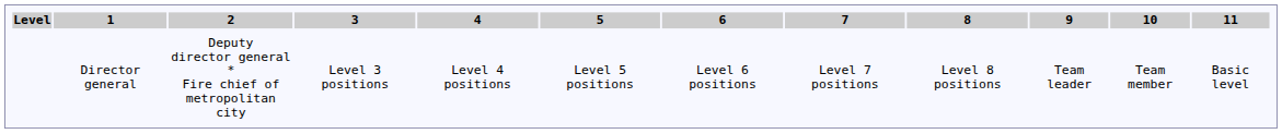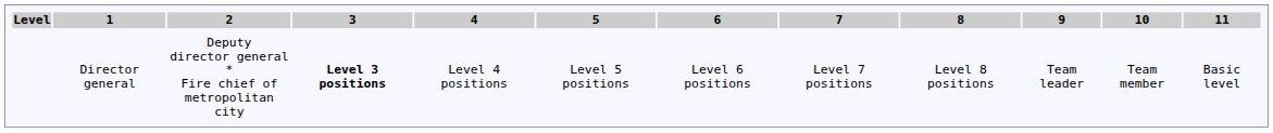 <table style="border:1px solid #8888aa; background-color:#f7f8ff; padding:5px; font-size:95%; margin: 0px 12px 12px 0px; width: 100%;">
 <tr style="background-color:#CCCCCC; width: 100%">
 <th>Level</th>
 <th>1</th>
 <th>2</th>
 <th>3</th>
 <th>4</th>
 <th>5</th>
 <th>6</th>
 <th>7</th>
 <th>8</th>
 <th>9</th>
 <th>10</th>
 <th>11</th>
 </tr>
 <tr style="text-align:center;">
 <td rowspan="2"></td>
 <td></td>
 <td></td>
 <td></td>
 <td></td>
 <td></td>
 <td></td>
 <td></td>
 <td></td>
 <td></td>
 <td></td>
 <td></td>
 </tr>
 <tr style="text-align:center;">
 <td>Director general</td>
 <td>Deputy<br>director general<br>*<br>Fire chief of<br> metropolitan city</td>
-<td>Level 3 positions</td>
+<td><strong>Level 3 positions</strong></td>
 <td>Level 4 positions</td>
 <td>Level 5 positions</td>
 <td>Level 6 positions</td>
 <td>Level 7 positions</td>
 <td>Level 8 positions</td>
 <td>Team leader</td>
 <td>Team member</td>
 <td>Basic level</td>
 </tr>
 </table>
